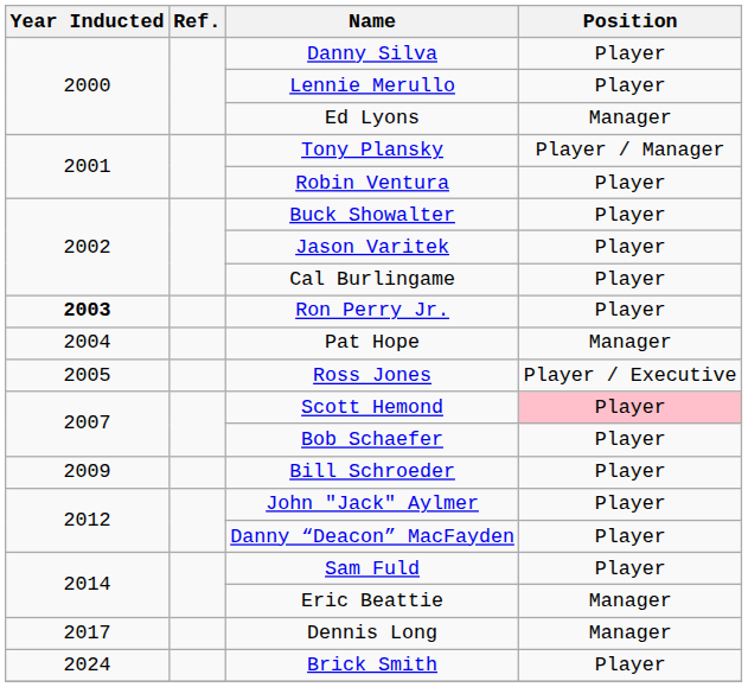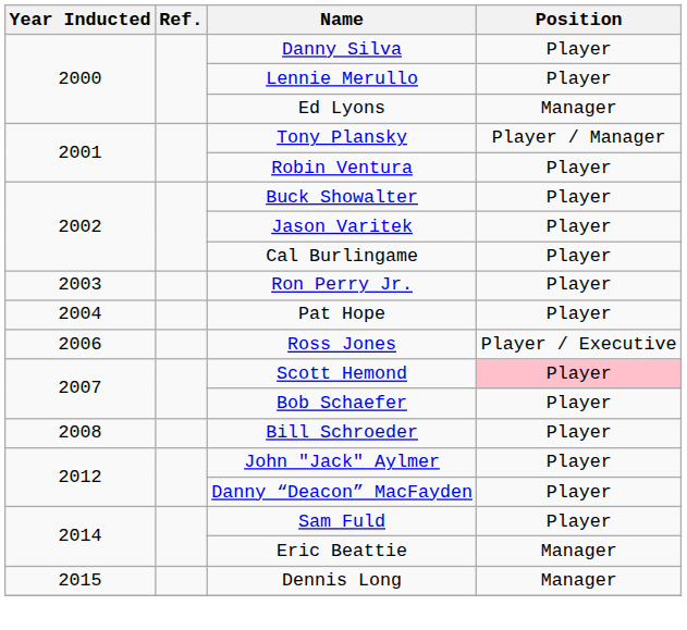 <table class="wikitable" style="text-align:center">
 <tr>
 <th>Year Inducted</th>
 <th>Ref.</th>
 <th>Name</th>
 <th>Position</th>
 </tr>
 <tr>
 <td rowspan="3">2000</td>
 <td rowspan="3"></td>
 <td><a href='#'>Danny Silva</a></td>
 <td>Player</td>
 </tr>
 <tr>
 <td><a href='#'>Lennie Merullo</a></td>
 <td>Player</td>
 </tr>
 <tr>
 <td>Ed Lyons</td>
 <td>Manager</td>
 </tr>
 <tr>
 <td rowspan="2">2001</td>
 <td rowspan="2"></td>
 <td><a href='#'>Tony Plansky</a></td>
 <td>Player / Manager</td>
 </tr>
 <tr>
 <td><a href='#'>Robin Ventura</a></td>
 <td>Player</td>
 </tr>
 <tr>
 <td rowspan="3">2002</td>
 <td rowspan="3"></td>
 <td><a href='#'>Buck Showalter</a></td>
 <td>Player</td>
 </tr>
 <tr>
 <td><a href='#'>Jason Varitek</a></td>
 <td>Player</td>
 </tr>
 <tr>
 <td>Cal Burlingame</td>
 <td>Player</td>
 </tr>
 <tr>
-<td><strong>2003</strong></td>
+<td>2003</td>
 <td></td>
 <td><a href='#'>Ron Perry Jr.</a></td>
 <td>Player</td>
 </tr>
 <tr>
 <td>2004</td>
 <td></td>
 <td>Pat Hope</td>
-<td>Manager</td>
+<td>Player</td>
 </tr>
 <tr>
-<td>2005</td>
+<td>2006</td>
 <td></td>
 <td><a href='#'>Ross Jones</a></td>
 <td>Player / Executive</td>
 </tr>
 <tr>
 <td rowspan="2">2007</td>
 <td rowspan="2"></td>
 <td><a href='#'>Scott Hemond</a></td>
 <td style="background: pink;">Player</td>
 </tr>
 <tr>
 <td><a href='#'>Bob Schaefer</a></td>
 <td>Player</td>
 </tr>
 <tr>
-<td>2009</td>
+<td>2008</td>
 <td></td>
 <td><a href='#'>Bill Schroeder</a></td>
 <td>Player</td>
 </tr>
 <tr>
 <td rowspan="2">2012</td>
 <td rowspan="2"></td>
 <td><a href='#'>John "Jack" Aylmer</a></td>
 <td>Player</td>
 </tr>
 <tr>
 <td><a href='#'>Danny “Deacon” MacFayden</a></td>
 <td>Player</td>
 </tr>
 <tr>
 <td rowspan="2">2014</td>
 <td rowspan="2"></td>
 <td><a href='#'>Sam Fuld</a></td>
 <td>Player</td>
 </tr>
 <tr>
 <td>Eric Beattie</td>
 <td>Manager</td>
 </tr>
 <tr>
-<td>2017</td>
+<td>2015</td>
 <td></td>
 <td>Dennis Long</td>
 <td>Manager</td>
 </tr>
 <tr>
-<td>2024</td>
-<td></td>
-<td><a href='#'>Brick Smith</a></td>
-<td>Player</td>
-</tr>
-<tr>
 </tr>
 </table>
